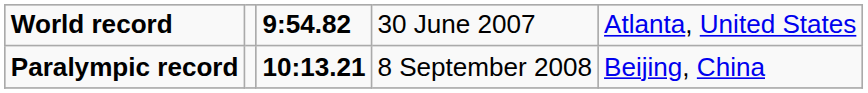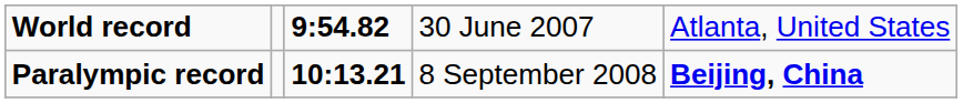 <table class="wikitable">
 <tr>
 <td><strong>World record</strong></td>
 <td></td>
 <td><strong>9:54.82</strong></td>
 <td>30 June 2007</td>
 <td><a href='#'>Atlanta</a>, <a href='#'>United States</a></td>
 </tr>
 <tr>
 <td><strong>Paralympic record</strong></td>
 <td></td>
 <td><strong>10:13.21</strong></td>
 <td>8 September 2008</td>
-<td><a href='#'>Beijing</a>, <a href='#'>China</a></td>
+<td><strong><a href='#'>Beijing</a>, <a href='#'>China</a></strong></td>
 </tr>
 </table>
